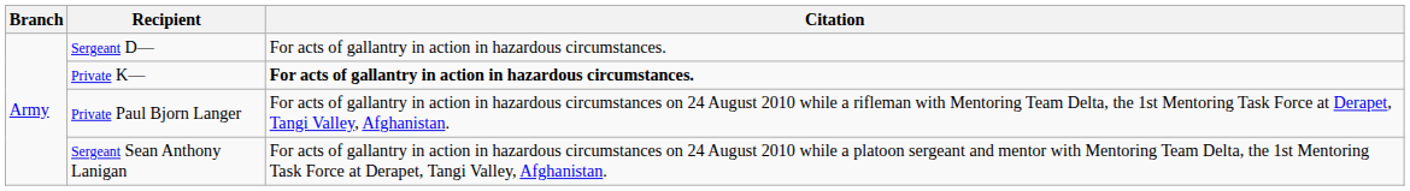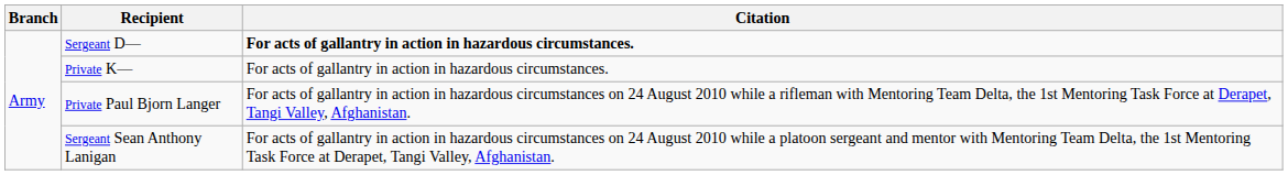 <table class="wikitable" style="font-size:95%;">
 <tr>
 <th>Branch</th>
 <th scope="col" width="170">Recipient</th>
 <th>Citation</th>
 </tr>
 <tr>
 <td rowspan="4"><a href='#'>Army</a></td>
 <td><small><a href='#'>Sergeant</a></small> D—</td>
-<td>For acts of gallantry in action in hazardous circumstances.</td>
+<td><strong>For acts of gallantry in action in hazardous circumstances.</strong></td>
 </tr>
 <tr>
 <td><small><a href='#'>Private</a></small> K—</td>
-<td><strong>For acts of gallantry in action in hazardous circumstances.</strong></td>
+<td>For acts of gallantry in action in hazardous circumstances.</td>
 </tr>
 <tr>
 <td><small><a href='#'>Private</a></small> Paul Bjorn Langer</td>
 <td>For acts of gallantry in action in hazardous circumstances on 24 August 2010 while a rifleman with Mentoring Team Delta, the 1st Mentoring Task Force at <a href='#'>Derapet</a>, <a href='#'>Tangi Valley</a>, <a href='#'>Afghanistan</a>.</td>
 </tr>
 <tr>
 <td><small><a href='#'>Sergeant</a></small> Sean Anthony Lanigan</td>
 <td>For acts of gallantry in action in hazardous circumstances on 24 August 2010 while a platoon sergeant and mentor with Mentoring Team Delta, the 1st Mentoring Task Force at Derapet, Tangi Valley, <a href='#'>Afghanistan</a>.</td>
 </tr>
 </table>
